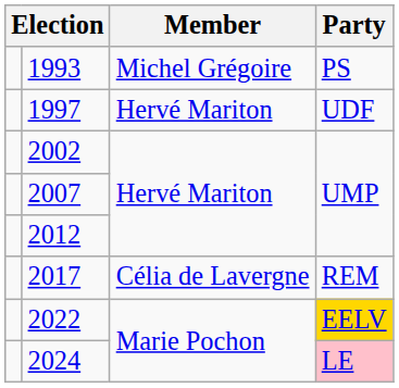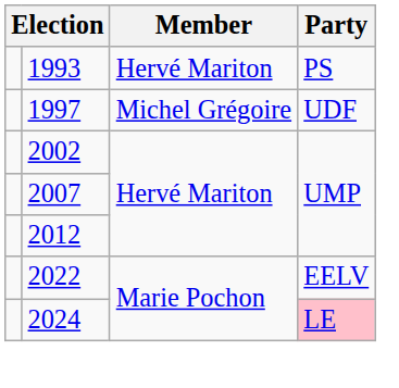 <table class="wikitable">
 <tr>
 <th colspan="2">Election</th>
 <th>Member</th>
 <th>Party</th>
 </tr>
 <tr>
 <td style="color:inherit;background-color: "></td>
 <td><a href='#'>1993</a></td>
-<td><a href='#'>Michel Grégoire</a></td>
+<td><a href='#'>Hervé Mariton</a></td>
 <td><a href='#'>PS</a></td>
 </tr>
 <tr>
 <td style="color:inherit;background-color: "></td>
 <td><a href='#'>1997</a></td>
-<td><a href='#'>Hervé Mariton</a></td>
+<td><a href='#'>Michel Grégoire</a></td>
 <td><a href='#'>UDF</a></td>
 </tr>
 <tr>
 <td style="color:inherit;background-color: "></td>
 <td><a href='#'>2002</a></td>
 <td rowspan="3"><a href='#'>Hervé Mariton</a></td>
 <td rowspan="3"><a href='#'>UMP</a></td>
 </tr>
 <tr>
 <td style="color:inherit;background-color: "></td>
 <td><a href='#'>2007</a></td>
 </tr>
 <tr>
 <td style="color:inherit;background-color: "></td>
 <td><a href='#'>2012</a></td>
 </tr>
 <tr>
 <td style="color:inherit;background-color: "></td>
-<td><a href='#'>2017</a></td>
-<td><a href='#'>Célia de Lavergne</a></td>
-<td><a href='#'>REM</a></td>
-</tr>
-<tr>
-<td style="color:inherit;background-color: "></td>
 <td><a href='#'>2022</a></td>
 <td rowspan="2"><a href='#'>Marie Pochon</a></td>
-<td style="background: gold;"><a href='#'>EELV</a></td>
+<td><a href='#'>EELV</a></td>
 </tr>
 <tr>
 <td style="color:inherit;background-color: "></td>
 <td><a href='#'>2024</a></td>
 <td style="background: pink;"><a href='#'>LE</a></td>
 </tr>
 </table>
